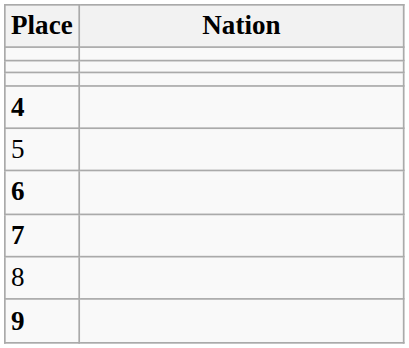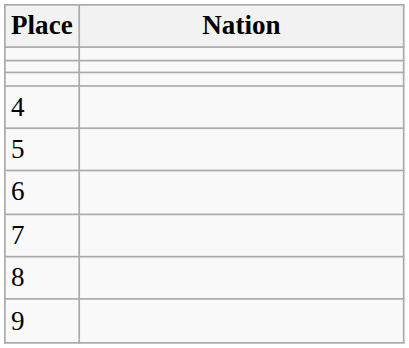 <table class=wikitable style=text-align:left>
 <tr>
 <th width=35>Place</th>
 <th width=185>Nation</th>
 </tr>
 <tr>
 <td></td>
 <td style=text-align:left></td>
 </tr>
 <tr>
 <td></td>
 <td style=text-align:left></td>
 </tr>
 <tr>
 <td></td>
 <td style=text-align:left></td>
 </tr>
 <tr>
-<td style=text-align:left><strong>4</strong></td>
+<td style=text-align:left>4</td>
 <td></td>
 </tr>
 <tr>
 <td style=text-align:left>5</td>
 <td></td>
 </tr>
 <tr>
-<td style=text-align:left><strong>6</strong></td>
+<td style=text-align:left>6</td>
 <td></td>
 </tr>
 <tr>
-<td style=text-align:left><strong>7</strong></td>
+<td style=text-align:left>7</td>
 <td></td>
 </tr>
 <tr>
 <td style=text-align:left>8</td>
 <td></td>
 </tr>
 <tr>
-<td style=text-align:left><strong>9</strong></td>
+<td style=text-align:left>9</td>
 <td></td>
 </tr>
 </table>
